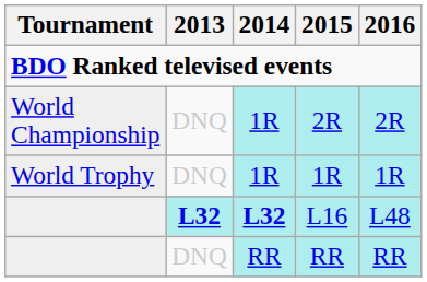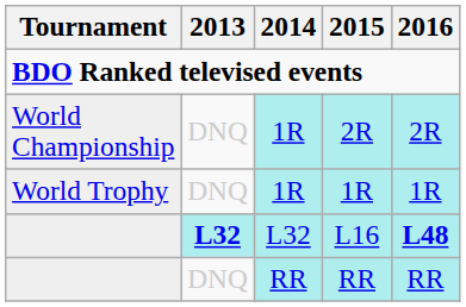 <table class="wikitable" style="width:20%; margin:0">
 <tr>
 <th>Tournament</th>
 <th>2013</th>
 <th>2014</th>
 <th>2015</th>
 <th>2016</th>
 </tr>
 <tr>
 <td colspan="10" align="left"><strong><a href='#'>BDO</a> Ranked televised events</strong></td>
 </tr>
 <tr>
 <td style="background:#efefef;"><a href='#'>World Championship</a></td>
 <td style="text-align:center; color:#ccc;">DNQ</td>
 <td style="text-align:center; background:#afeeee;"><a href='#'>1R</a></td>
 <td style="text-align:center; background:#afeeee;"><a href='#'>2R</a></td>
 <td style="text-align:center; background:#afeeee;"><a href='#'>2R</a></td>
 </tr>
 <tr>
 <td style="background:#efefef;"><a href='#'>World Trophy</a></td>
 <td style="text-align:center; color:#ccc;">DNQ</td>
 <td style="text-align:center; background:#afeeee;"><a href='#'>1R</a></td>
 <td style="text-align:center; background:#afeeee;"><a href='#'>1R</a></td>
 <td style="text-align:center; background:#afeeee;"><a href='#'>1R</a></td>
 </tr>
 <tr>
 <td style="background:#efefef;"></td>
 <td style="text-align:center; background:#afeeee;"><strong><a href='#'>L32</a></strong></td>
-<td style="text-align:center; background:#afeeee;"><strong><a href='#'>L32</a></strong></td>
+<td style="text-align:center; background:#afeeee;"><a href='#'>L32</a></td>
 <td style="text-align:center; background:#afeeee;"><a href='#'>L16</a></td>
-<td style="text-align:center; background:#afeeee;"><a href='#'>L48</a></td>
+<td style="text-align:center; background:#afeeee;"><strong><a href='#'>L48</a></strong></td>
 </tr>
 <tr>
 <td style="background:#efefef;"></td>
 <td style="text-align:center; color:#ccc;">DNQ</td>
 <td style="text-align:center; background:#afeeee;"><a href='#'>RR</a></td>
 <td style="text-align:center; background:#afeeee;"><a href='#'>RR</a></td>
 <td style="text-align:center; background:#afeeee;"><a href='#'>RR</a></td>
 </tr>
 </table>
